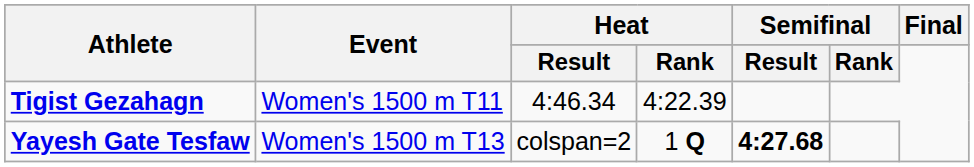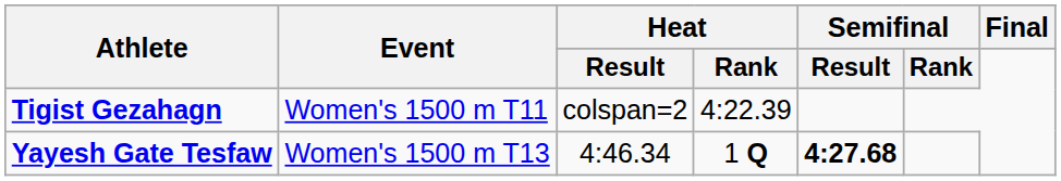 <table class="wikitable" style="font-size:90%">
 <tr>
 <th rowspan="2">Athlete</th>
 <th rowspan="2">Event</th>
 <th colspan="2">Heat</th>
 <th colspan="2">Semifinal</th>
 <th colspan="2">Final</th>
 </tr>
 <tr style="font-size:95%">
 <th>Result</th>
 <th>Rank</th>
 <th>Result</th>
 <th>Rank</th>
 </tr>
 <tr align=center>
 <td align=left><strong><a href='#'>Tigist Gezahagn</a></strong></td>
 <td align=left><a href='#'>Women's 1500 m T11</a></td>
-<td>4:46.34</td>
+<td>colspan=2 </td>
 <td>4:22.39</td>
 <td></td>
 </tr>
 <tr align=center>
 <td align=left><strong><a href='#'>Yayesh Gate Tesfaw</a></strong></td>
 <td align=left><a href='#'>Women's 1500 m T13</a></td>
-<td>colspan=2 </td>
+<td>4:46.34</td>
 <td>1 <strong>Q</strong></td>
 <td><strong>4:27.68</strong></td>
 <td></td>
 </tr>
 </table>
